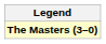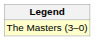 <table class="wikitable">
 <tr>
 <th>Legend</th>
 </tr>
 <tr bgcolor="ffffcc">
-<td><strong>The Masters (3–0)</strong></td>
+<td>The Masters (3–0)</td>
 </tr>
 </table>
